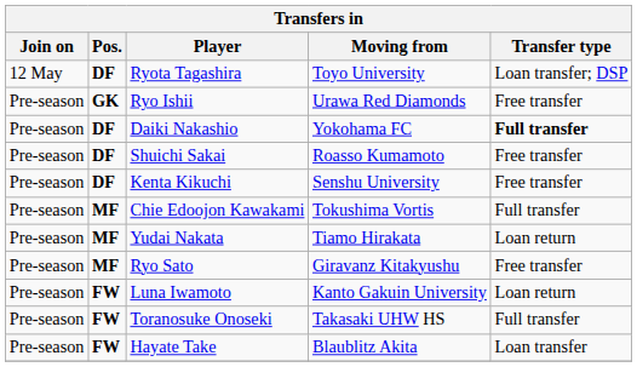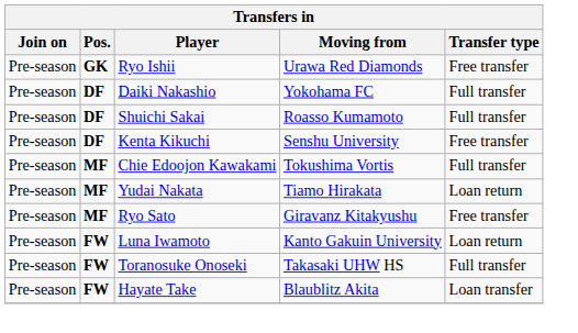 <table class="wikitable sortable" style=“text-align:left;>
 <tr>
 <th colspan="5">Transfers in</th>
 </tr>
 <tr>
 <th>Join on</th>
 <th>Pos.</th>
 <th>Player</th>
 <th>Moving from</th>
 <th>Transfer type</th>
-</tr>
-<tr>
-<td>12 May</td>
-<td><strong>DF</strong></td>
-<td> <a href='#'>Ryota Tagashira</a></td>
-<td> <a href='#'>Toyo University</a></td>
-<td>Loan transfer; <a href='#'>DSP</a></td>
 </tr>
 <tr>
 <td>Pre-season</td>
 <td><strong>GK</strong></td>
 <td> <a href='#'>Ryo Ishii</a></td>
 <td> <a href='#'>Urawa Red Diamonds</a></td>
 <td>Free transfer</td>
 </tr>
 <tr>
 <td>Pre-season</td>
 <td><strong>DF</strong></td>
 <td> <a href='#'>Daiki Nakashio</a></td>
 <td> <a href='#'>Yokohama FC</a></td>
-<td><strong>Full transfer</strong></td>
+<td>Full transfer</td>
 </tr>
 <tr>
 <td>Pre-season</td>
 <td><strong>DF</strong></td>
 <td> <a href='#'>Shuichi Sakai</a></td>
 <td> <a href='#'>Roasso Kumamoto</a></td>
-<td>Free transfer</td>
+<td>Full transfer</td>
 </tr>
 <tr>
 <td>Pre-season</td>
 <td><strong>DF</strong></td>
 <td> <a href='#'>Kenta Kikuchi</a></td>
 <td> <a href='#'>Senshu University</a></td>
 <td>Free transfer</td>
 </tr>
 <tr>
 <td>Pre-season</td>
 <td><strong>MF</strong></td>
 <td> <a href='#'>Chie Edoojon Kawakami</a></td>
 <td> <a href='#'>Tokushima Vortis</a></td>
 <td>Full transfer</td>
 </tr>
 <tr>
 <td>Pre-season</td>
 <td><strong>MF</strong></td>
 <td> <a href='#'>Yudai Nakata</a></td>
 <td> <a href='#'>Tiamo Hirakata</a></td>
 <td>Loan return</td>
 </tr>
 <tr>
 <td>Pre-season</td>
 <td><strong>MF</strong></td>
 <td> <a href='#'>Ryo Sato</a></td>
 <td> <a href='#'>Giravanz Kitakyushu</a></td>
 <td>Free transfer</td>
 </tr>
 <tr>
 <td>Pre-season</td>
 <td><strong>FW</strong></td>
 <td> <a href='#'>Luna Iwamoto</a></td>
 <td> <a href='#'>Kanto Gakuin University</a></td>
 <td>Loan return</td>
 </tr>
 <tr>
 <td>Pre-season</td>
 <td><strong>FW</strong></td>
 <td> <a href='#'>Toranosuke Onoseki</a></td>
 <td> <a href='#'>Takasaki UHW</a> HS</td>
 <td>Full transfer</td>
 </tr>
 <tr>
 <td>Pre-season</td>
 <td><strong>FW</strong></td>
 <td> <a href='#'>Hayate Take</a></td>
 <td> <a href='#'>Blaublitz Akita</a></td>
 <td>Loan transfer</td>
 </tr>
 <tr>
 </tr>
 </table>
